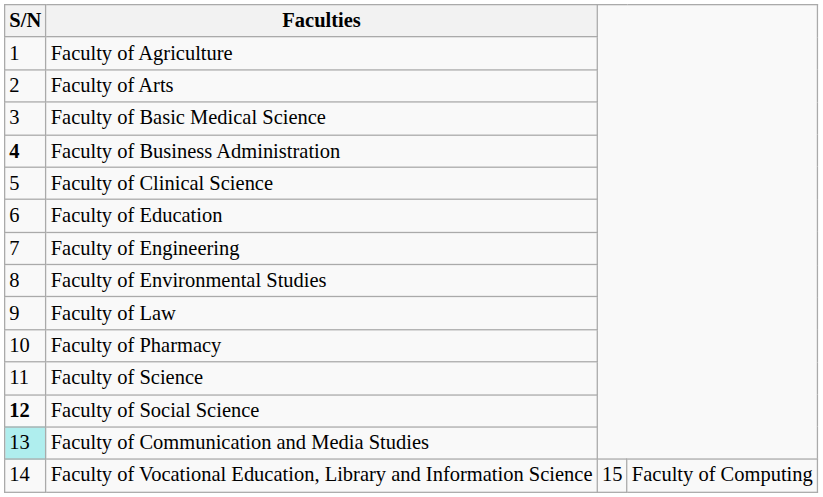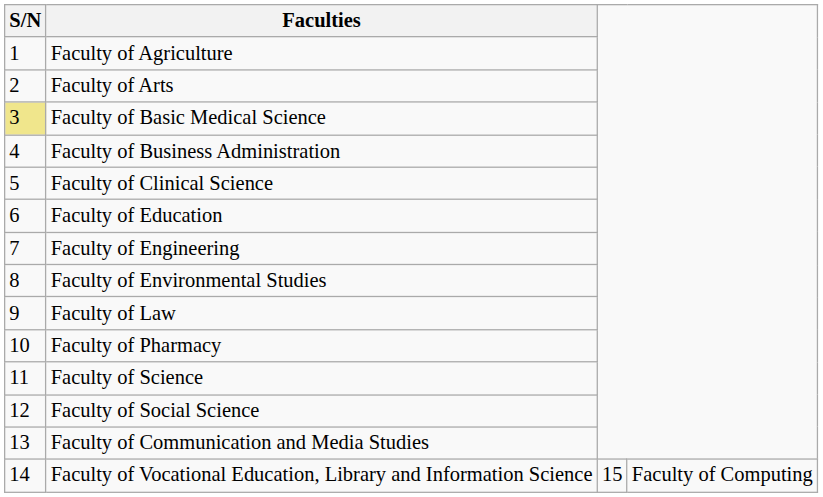 <table class="wikitable">
 <tr>
 <th>S/N</th>
 <th>Faculties</th>
 </tr>
 <tr>
 <td>1</td>
 <td>Faculty of Agriculture</td>
 </tr>
 <tr>
 <td>2</td>
 <td>Faculty of Arts</td>
 </tr>
 <tr>
-<td>3</td>
+<td style="background: khaki;">3</td>
 <td>Faculty of Basic Medical Science</td>
 </tr>
 <tr>
-<td><strong>4</strong></td>
+<td>4</td>
 <td>Faculty of Business Administration</td>
 </tr>
 <tr>
 <td>5</td>
 <td>Faculty of Clinical Science</td>
 </tr>
 <tr>
 <td>6</td>
 <td>Faculty of Education</td>
 </tr>
 <tr>
 <td>7</td>
 <td>Faculty of Engineering</td>
 </tr>
 <tr>
 <td>8</td>
 <td>Faculty of Environmental Studies</td>
 </tr>
 <tr>
 <td>9</td>
 <td>Faculty of Law</td>
 </tr>
 <tr>
 <td>10</td>
 <td>Faculty of Pharmacy</td>
 </tr>
 <tr>
 <td>11</td>
 <td>Faculty of Science</td>
 </tr>
 <tr>
-<td><strong>12</strong></td>
+<td>12</td>
 <td>Faculty of Social Science</td>
 </tr>
 <tr>
-<td style="background: paleturquoise;">13</td>
+<td>13</td>
 <td>Faculty of Communication and Media Studies</td>
 </tr>
 <tr>
 <td>14</td>
 <td>Faculty of Vocational Education, Library and Information Science</td>
 <td>15</td>
 <td>Faculty of Computing</td>
 </tr>
 </table>
